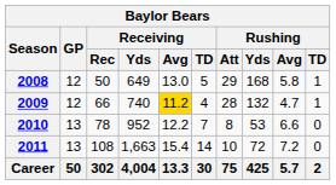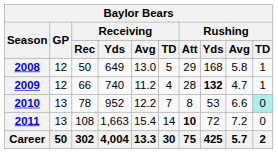 <table class="wikitable" style="text-align:center;">
 <tr>
 <th colspan="13">Baylor Bears</th>
 </tr>
 <tr>
 <th rowspan="2">Season</th>
 <th rowspan="2">GP</th>
 <th colspan="4">Receiving</th>
 <th colspan="4">Rushing</th>
 </tr>
 <tr>
 <th>Rec</th>
 <th>Yds</th>
 <th>Avg</th>
 <th>TD</th>
 <th>Att</th>
 <th>Yds</th>
 <th>Avg</th>
 <th>TD</th>
 </tr>
 <tr>
 <th><a href='#'>2008</a></th>
 <td>12</td>
 <td>50</td>
 <td>649</td>
 <td>13.0</td>
 <td>5</td>
 <td>29</td>
 <td>168</td>
 <td>5.8</td>
 <td>1</td>
 </tr>
 <tr>
 <th><a href='#'>2009</a></th>
 <td>12</td>
 <td>66</td>
 <td>740</td>
-<td style="background: gold;">11.2</td>
+<td>11.2</td>
 <td>4</td>
 <td>28</td>
-<td>132</td>
+<td><strong>132</strong></td>
 <td>4.7</td>
 <td>1</td>
 </tr>
 <tr>
 <th><a href='#'>2010</a></th>
 <td>13</td>
 <td>78</td>
 <td>952</td>
 <td>12.2</td>
 <td>7</td>
 <td>8</td>
 <td>53</td>
 <td>6.6</td>
-<td>0</td>
+<td style="background: paleturquoise;">0</td>
 </tr>
 <tr>
 <th><a href='#'>2011</a></th>
 <td>13</td>
 <td>108</td>
 <td>1,663</td>
 <td>15.4</td>
 <td>14</td>
-<td>10</td>
+<td><strong>10</strong></td>
 <td>72</td>
 <td>7.2</td>
 <td>0</td>
 </tr>
 <tr>
 <th>Career</th>
 <th>50</th>
 <th>302</th>
 <th>4,004</th>
 <th>13.3</th>
 <th>30</th>
 <th>75</th>
 <th>425</th>
 <th>5.7</th>
 <th>2</th>
 </tr>
 </table>
